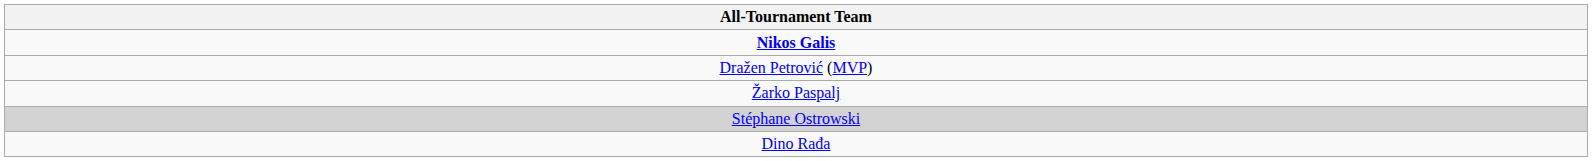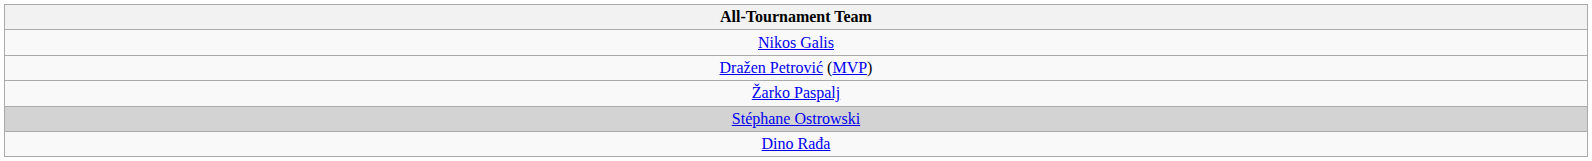 <table class="wikitable sortable" style="text-align:center; width: 100%">
 <tr>
 <th>All-Tournament Team</th>
 </tr>
 <tr>
-<td><strong> <a href='#'>Nikos Galis</a></strong></td>
+<td> <a href='#'>Nikos Galis</a></td>
 </tr>
 <tr>
 <td> <a href='#'>Dražen Petrović</a> (<a href='#'>MVP</a>)</td>
 </tr>
 <tr>
 <td> <a href='#'>Žarko Paspalj</a></td>
 </tr>
 <tr>
 <td style="background: lightgrey;"> <a href='#'>Stéphane Ostrowski</a></td>
 </tr>
 <tr>
 <td> <a href='#'>Dino Rađa</a></td>
 </tr>
 </table>
